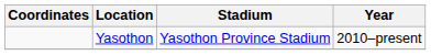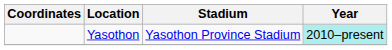 <table class="wikitable sortable">
 <tr>
 <th>Coordinates</th>
 <th>Location</th>
 <th>Stadium</th>
 <th>Year</th>
 </tr>
 <tr>
 <td></td>
 <td><a href='#'>Yasothon</a></td>
 <td><a href='#'>Yasothon Province Stadium</a></td>
-<td>2010–present</td>
+<td style="background: paleturquoise;">2010–present</td>
 </tr>
 <tr>
 </tr>
 </table>
